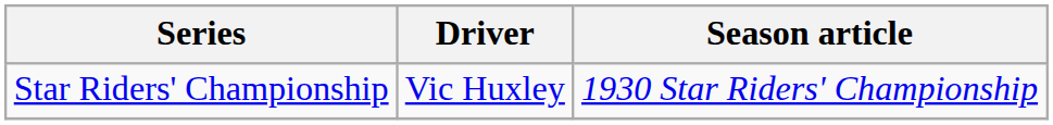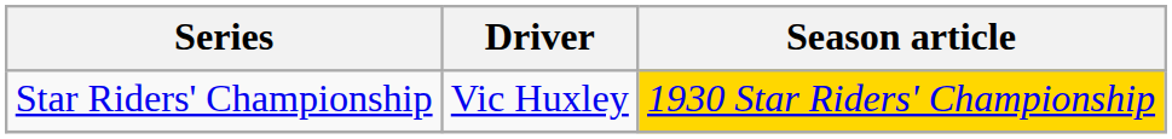 <table class="wikitable" style="font-size: 87%;">
 <tr>
 <th>Series</th>
 <th>Driver</th>
 <th>Season article</th>
 </tr>
 <tr>
 <td><a href='#'>Star Riders' Championship</a></td>
 <td> <a href='#'>Vic Huxley</a></td>
-<td><em><a href='#'>1930 Star Riders' Championship</a></em></td>
+<td style="background: gold;"><em><a href='#'>1930 Star Riders' Championship</a></em></td>
 </tr>
 <tr>
 </tr>
 </table>
